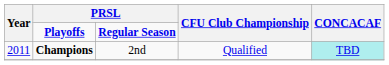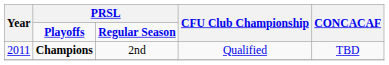 <table class="wikitable"  style="text-align: center;">
 <tr>
 <th rowspan=2>Year</th>
 <th colspan=2><a href='#'>PRSL</a></th>
 <th rowspan=2><a href='#'>CFU Club Championship</a></th>
 <th rowspan=2><a href='#'>CONCACAF</a></th>
 </tr>
 <tr>
 <td><strong><a href='#'>Playoffs</a></strong></td>
 <td><strong><a href='#'>Regular Season</a></strong></td>
 </tr>
 <tr>
 <td><a href='#'>2011</a></td>
 <td><strong>Champions</strong></td>
 <td>2nd</td>
 <td><a href='#'>Qualified</a></td>
-<td style="background: paleturquoise;"><a href='#'>TBD</a></td>
+<td><a href='#'>TBD</a></td>
 </tr>
 <tr>
 </tr>
 </table>
